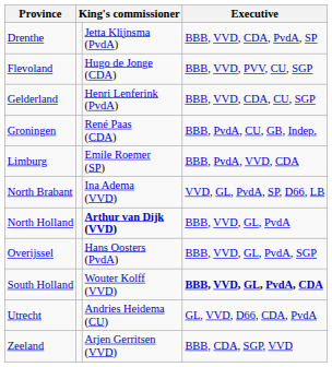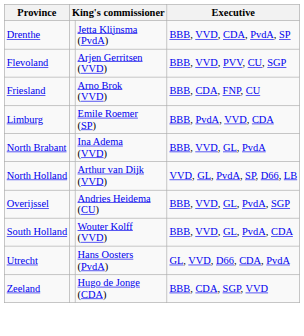 <table class="wikitable">
 <tr>
 <th>Province</th>
 <th colspan=2>King's commissioner</th>
 <th>Executive</th>
 </tr>
 <tr>
 <td><a href='#'>Drenthe</a></td>
 <td style="background-color:"></td>
 <td><a href='#'>Jetta Klijnsma</a> <br> (<a href='#'>PvdA</a>)</td>
 <td><a href='#'>BBB</a>, <a href='#'>VVD</a>, <a href='#'>CDA</a>, <a href='#'>PvdA</a>, <a href='#'>SP</a> <br>      </td>
 </tr>
 <tr>
 <td><a href='#'>Flevoland</a></td>
 <td style="background-color:"></td>
-<td><a href='#'>Hugo de Jonge</a> <br> (<a href='#'>CDA</a>)</td>
+<td><a href='#'>Arjen Gerritsen</a> <br> (<a href='#'>VVD</a>)</td>
 <td><a href='#'>BBB</a>, <a href='#'>VVD</a>, <a href='#'>PVV</a>, <a href='#'>CU</a>, <a href='#'>SGP</a> <br>     </td>
 </tr>
 <tr>
-<td><a href='#'>Gelderland</a></td>
+<td><a href='#'>Friesland</a></td>
 <td style="background-color:"></td>
-<td><a href='#'>Henri Lenferink</a> <br> (<a href='#'>PvdA</a>)</td>
-<td><a href='#'>BBB</a>, <a href='#'>VVD</a>, <a href='#'>CDA</a>, <a href='#'>CU</a>, <a href='#'>SGP</a> <br>      </td>
-</tr>
-<tr>
-<td><a href='#'>Groningen</a></td>
-<td style="background-color:"></td>
-<td><a href='#'>René Paas</a> <br> (<a href='#'>CDA</a>)</td>
-<td><a href='#'>BBB</a>, <a href='#'>PvdA</a>, <a href='#'>CU</a>, <a href='#'>GB</a>, <a href='#'>Indep.</a> <br>     </td>
+<td><a href='#'>Arno Brok</a> <br> (<a href='#'>VVD</a>)</td>
+<td><a href='#'>BBB</a>, <a href='#'>CDA</a>, <a href='#'>FNP</a>, <a href='#'>CU</a> <br>     </td>
 </tr>
 <tr>
 <td><a href='#'>Limburg</a></td>
 <td style="background-color:"></td>
 <td><a href='#'>Emile Roemer</a> <br> (<a href='#'>SP</a>)</td>
 <td><a href='#'>BBB</a>, <a href='#'>PvdA</a>, <a href='#'>VVD</a>, <a href='#'>CDA</a> <br>     </td>
 </tr>
 <tr>
 <td><a href='#'>North Brabant</a></td>
 <td style="background-color:"></td>
 <td><a href='#'>Ina Adema</a> <br> (<a href='#'>VVD</a>)</td>
-<td><a href='#'>VVD</a>, <a href='#'>GL</a>, <a href='#'>PvdA</a>, <a href='#'>SP</a>, <a href='#'>D66</a>, <a href='#'>LB</a> <br>       </td>
+<td><a href='#'>BBB</a>, <a href='#'>VVD</a>, <a href='#'>GL</a>, <a href='#'>PvdA</a> <br>    </td>
 </tr>
 <tr>
 <td><a href='#'>North Holland</a></td>
 <td style="background-color:"></td>
-<td><strong><a href='#'>Arthur van Dijk</a> <br> (<a href='#'>VVD</a>)</strong></td>
-<td><a href='#'>BBB</a>, <a href='#'>VVD</a>, <a href='#'>GL</a>, <a href='#'>PvdA</a> <br>    </td>
+<td><a href='#'>Arthur van Dijk</a> <br> (<a href='#'>VVD</a>)</td>
+<td><a href='#'>VVD</a>, <a href='#'>GL</a>, <a href='#'>PvdA</a>, <a href='#'>SP</a>, <a href='#'>D66</a>, <a href='#'>LB</a> <br>       </td>
 </tr>
 <tr>
 <td><a href='#'>Overijssel</a></td>
 <td style="background-color:"></td>
-<td><a href='#'>Hans Oosters</a> <br> (<a href='#'>PvdA</a>)</td>
+<td><a href='#'>Andries Heidema</a> <br> (<a href='#'>CU</a>)</td>
 <td><a href='#'>BBB</a>, <a href='#'>VVD</a>, <a href='#'>GL</a>, <a href='#'>PvdA</a>, <a href='#'>SGP</a> <br>      </td>
 </tr>
 <tr>
 <td><a href='#'>South Holland</a></td>
 <td style="background-color:"></td>
 <td><a href='#'>Wouter Kolff</a> <br> (<a href='#'>VVD</a>)</td>
-<td><strong><a href='#'>BBB</a>, <a href='#'>VVD</a>, <a href='#'>GL</a>, <a href='#'>PvdA</a>, <a href='#'>CDA</a> <br>       </strong></td>
+<td><a href='#'>BBB</a>, <a href='#'>VVD</a>, <a href='#'>GL</a>, <a href='#'>PvdA</a>, <a href='#'>CDA</a> <br>       </td>
 </tr>
 <tr>
 <td><a href='#'>Utrecht</a></td>
 <td style="background-color:"></td>
-<td><a href='#'>Andries Heidema</a> <br> (<a href='#'>CU</a>)</td>
+<td><a href='#'>Hans Oosters</a> <br> (<a href='#'>PvdA</a>)</td>
 <td><a href='#'>GL</a>, <a href='#'>VVD</a>, <a href='#'>D66</a>, <a href='#'>CDA</a>, <a href='#'>PvdA</a> <br>     </td>
 </tr>
 <tr>
 <td><a href='#'>Zeeland</a></td>
 <td style="background-color:"></td>
-<td><a href='#'>Arjen Gerritsen</a> <br> (<a href='#'>VVD</a>)</td>
+<td><a href='#'>Hugo de Jonge</a> <br> (<a href='#'>CDA</a>)</td>
 <td><a href='#'>BBB</a>, <a href='#'>CDA</a>, <a href='#'>SGP</a>, <a href='#'>VVD</a> <br>     </td>
 </tr>
 </table>
